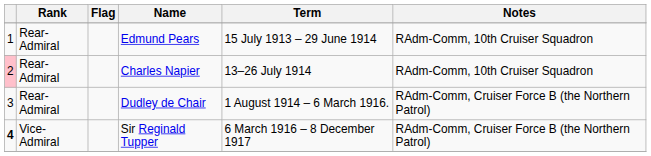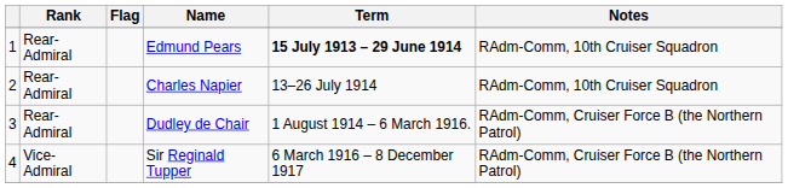 <table class="wikitable">
 <tr>
 <th></th>
 <th>Rank</th>
 <th>Flag</th>
 <th>Name</th>
 <th>Term</th>
 <th>Notes</th>
 </tr>
 <tr>
 </tr>
 <tr>
 <td>1</td>
 <td>Rear-Admiral</td>
 <td></td>
 <td><a href='#'>Edmund Pears</a></td>
-<td>15 July 1913 – 29 June 1914</td>
+<td><strong>15 July 1913 – 29 June 1914</strong></td>
 <td>RAdm-Comm, 10th Cruiser Squadron</td>
 </tr>
 <tr>
-<td style="background: pink;">2</td>
+<td>2</td>
 <td>Rear-Admiral</td>
 <td></td>
 <td><a href='#'>Charles Napier</a></td>
 <td>13–26 July 1914</td>
 <td>RAdm-Comm, 10th Cruiser Squadron</td>
 </tr>
 <tr>
 <td>3</td>
 <td>Rear-Admiral</td>
 <td></td>
 <td><a href='#'>Dudley de Chair</a></td>
 <td>1 August 1914 – 6 March 1916.</td>
 <td>RAdm-Comm, Cruiser Force B (the Northern Patrol)</td>
 </tr>
 <tr>
-<td><strong>4</strong></td>
+<td>4</td>
 <td>Vice-Admiral</td>
 <td></td>
 <td>Sir <a href='#'>Reginald Tupper</a></td>
 <td>6 March 1916 – 8 December 1917</td>
 <td>RAdm-Comm, Cruiser Force B (the Northern Patrol)</td>
 </tr>
 <tr>
 </tr>
 </table>
